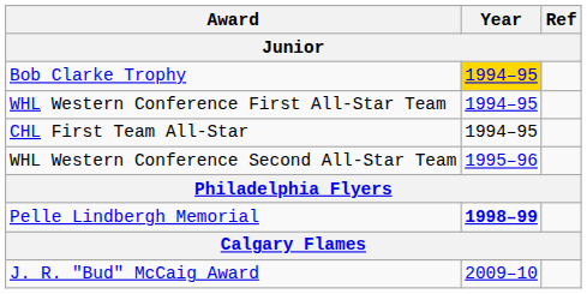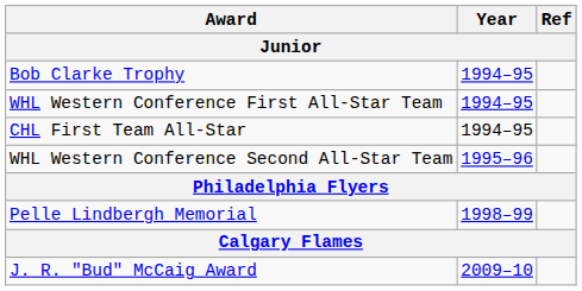 <table class="wikitable">
 <tr>
 <th>Award</th>
 <th>Year</th>
 <th>Ref</th>
 </tr>
 <tr>
 <th colspan="3">Junior</th>
 </tr>
 <tr>
 <td><a href='#'>Bob Clarke Trophy</a></td>
-<td style="background: gold;"><a href='#'>1994–95</a></td>
+<td><a href='#'>1994–95</a></td>
 <td></td>
 </tr>
 <tr>
 <td><a href='#'>WHL</a> Western Conference First All-Star Team</td>
 <td><a href='#'>1994–95</a></td>
 <td></td>
 </tr>
 <tr>
 <td><a href='#'>CHL</a> First Team All-Star</td>
 <td>1994–95</td>
 <td></td>
 </tr>
 <tr>
 <td>WHL Western Conference Second All-Star Team</td>
 <td><a href='#'>1995–96</a></td>
 <td></td>
 </tr>
 <tr>
 <th colspan="3"><a href='#'>Philadelphia Flyers</a></th>
 </tr>
 <tr>
 <td><a href='#'>Pelle Lindbergh Memorial</a></td>
-<td><strong><a href='#'>1998–99</a></strong></td>
+<td><a href='#'>1998–99</a></td>
 <td></td>
 </tr>
 <tr>
 <th colspan="3"><a href='#'>Calgary Flames</a></th>
 </tr>
 <tr>
 <td><a href='#'>J. R. "Bud" McCaig Award</a></td>
 <td><a href='#'>2009–10</a></td>
 <td></td>
 </tr>
 </table>
